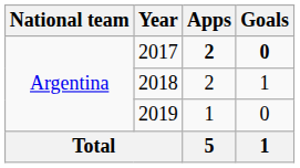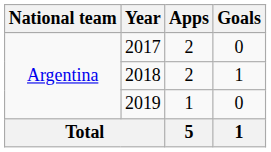 <table class=wikitable style=text-align:center>
 <tr>
 <th>National team</th>
 <th>Year</th>
 <th>Apps</th>
 <th>Goals</th>
 </tr>
 <tr>
 <td rowspan=3><a href='#'>Argentina</a></td>
 <td>2017</td>
-<td><strong>2</strong></td>
-<td><strong>0</strong></td>
+<td>2</td>
+<td>0</td>
 </tr>
 <tr>
 <td>2018</td>
 <td>2</td>
 <td>1</td>
 </tr>
 <tr>
 <td>2019</td>
 <td>1</td>
 <td>0</td>
 </tr>
 <tr>
 <th colspan=2>Total</th>
 <th>5</th>
 <th>1</th>
 </tr>
 </table>
